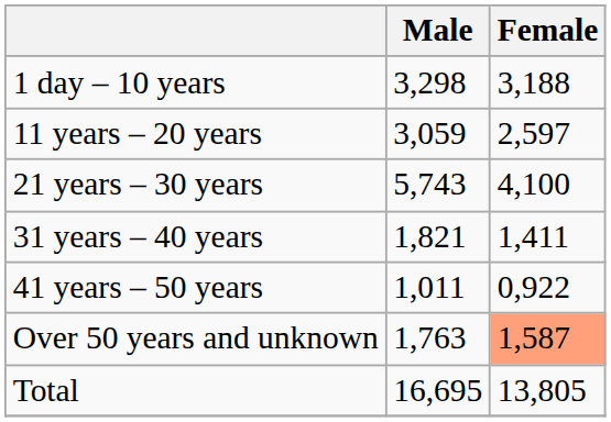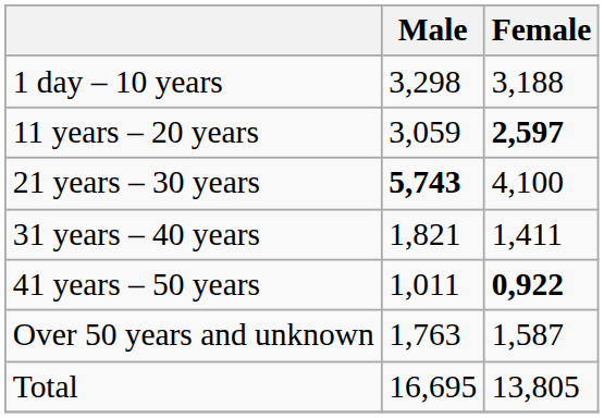 <table class="wikitable">
 <tr>
 <th></th>
 <th>Male</th>
 <th>Female</th>
 </tr>
 <tr>
 <td>1 day – 10 years</td>
 <td>3,298</td>
 <td>3,188</td>
 </tr>
 <tr>
 <td>11 years – 20 years</td>
 <td>3,059</td>
-<td>2,597</td>
+<td><strong>2,597</strong></td>
 </tr>
 <tr>
 <td>21 years – 30 years</td>
-<td>5,743</td>
+<td><strong>5,743</strong></td>
 <td>4,100</td>
 </tr>
 <tr>
 <td>31 years – 40 years</td>
 <td>1,821</td>
 <td>1,411</td>
 </tr>
 <tr>
 <td>41 years – 50 years</td>
 <td>1,011</td>
-<td>0,922</td>
+<td><strong>0,922</strong></td>
 </tr>
 <tr>
 <td>Over 50 years and unknown</td>
 <td>1,763</td>
-<td style="background: lightsalmon;">1,587</td>
+<td>1,587</td>
 </tr>
 <tr>
 <td>Total</td>
 <td>16,695</td>
 <td>13,805</td>
 </tr>
 <tr>
 </tr>
 </table>
